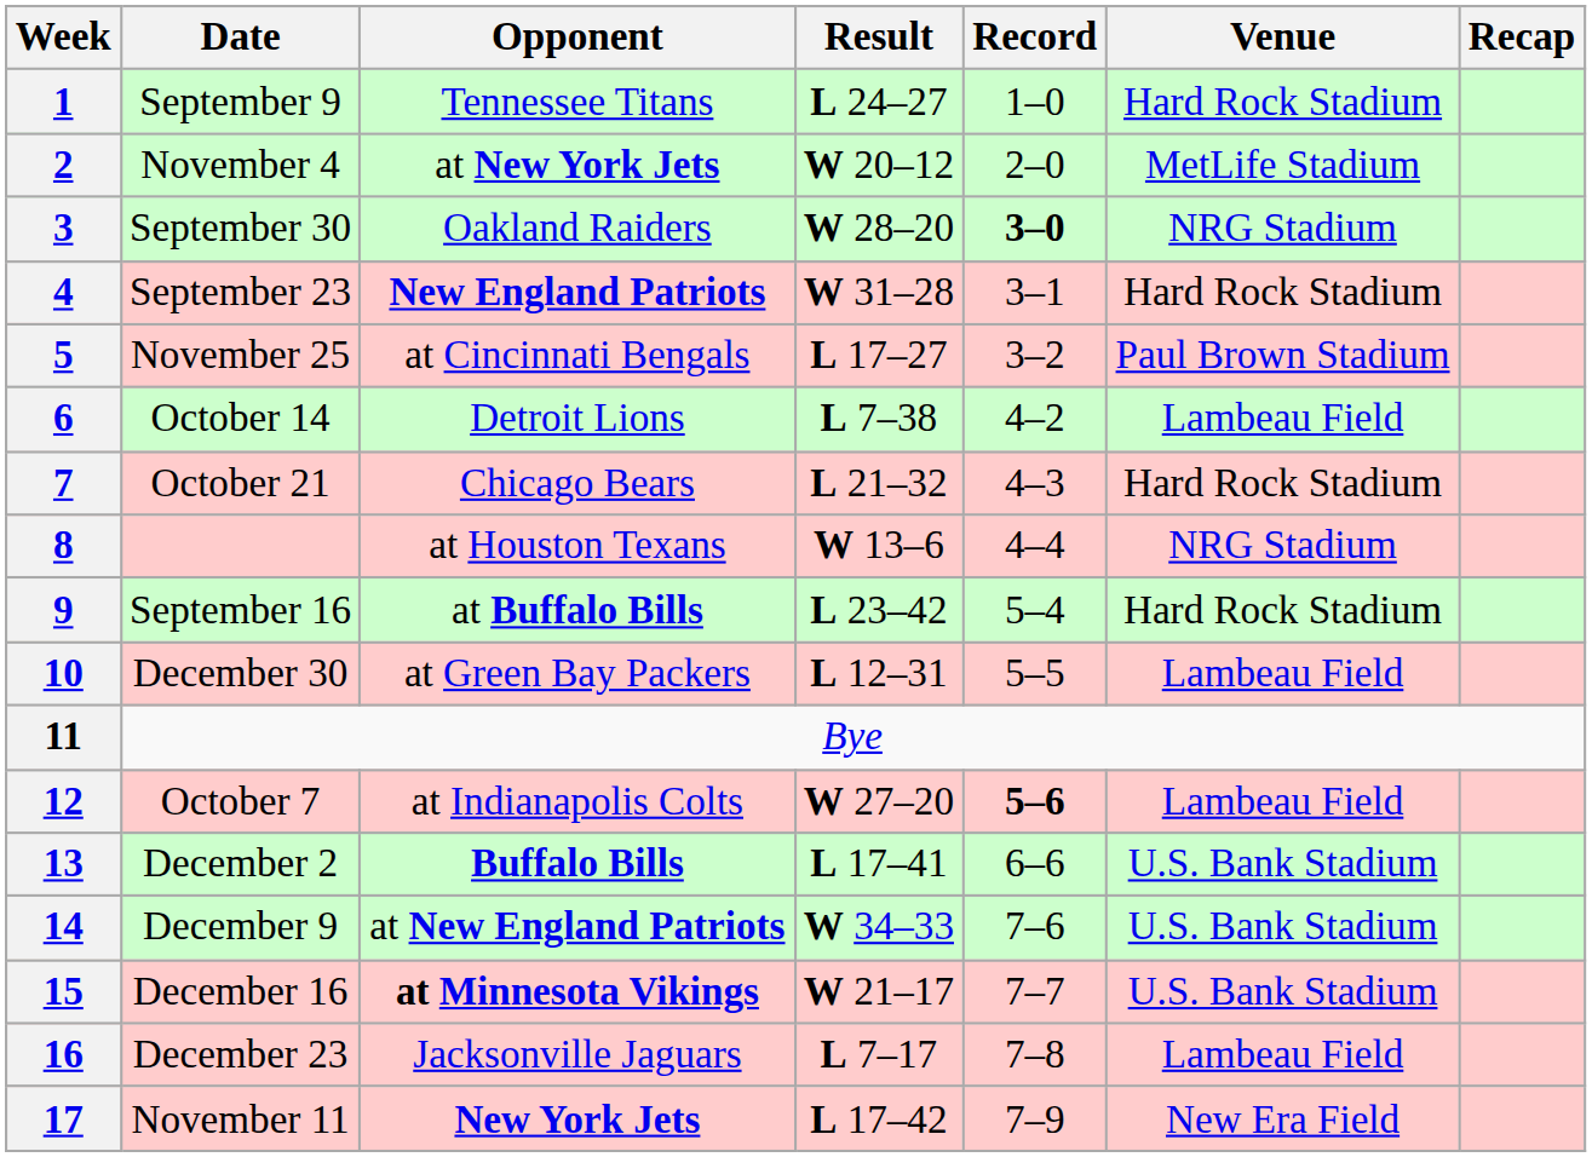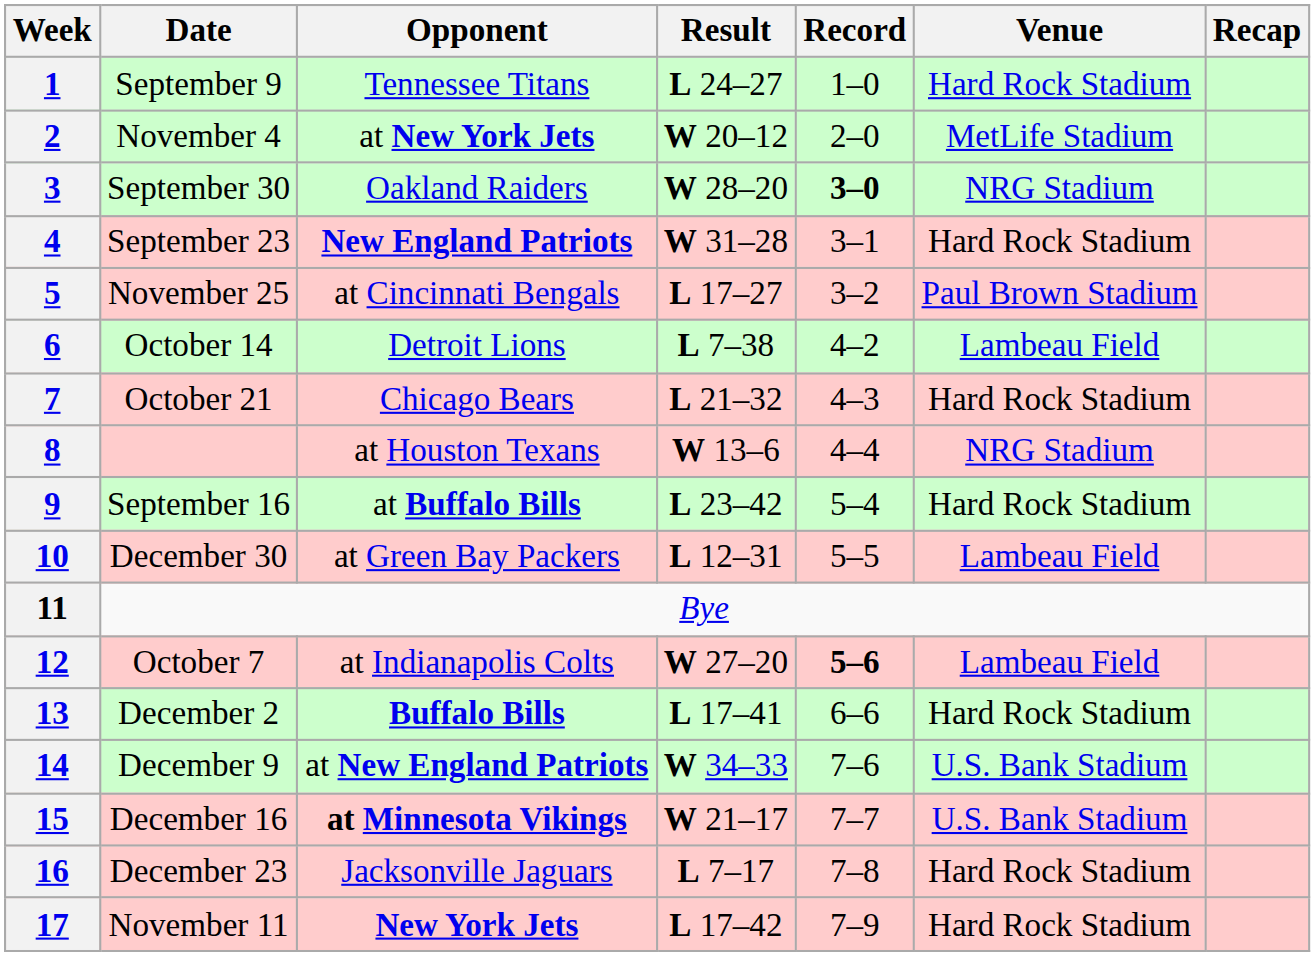 <table class="wikitable" style="text-align:center">
 <tr>
 <th>Week</th>
 <th>Date</th>
 <th>Opponent</th>
 <th>Result</th>
 <th>Record</th>
 <th>Venue</th>
 <th>Recap</th>
 </tr>
 <tr style="background:#cfc">
 <th><a href='#'>1</a></th>
 <td>September 9</td>
 <td><a href='#'>Tennessee Titans</a></td>
 <td><strong>L</strong> 24–27</td>
 <td>1–0</td>
 <td><a href='#'>Hard Rock Stadium</a></td>
 <td></td>
 </tr>
 <tr style="background:#cfc">
 <th><a href='#'>2</a></th>
 <td>November 4</td>
 <td>at <strong><a href='#'>New York Jets</a></strong></td>
 <td><strong>W</strong> 20–12</td>
 <td>2–0</td>
 <td><a href='#'>MetLife Stadium</a></td>
 <td></td>
 </tr>
 <tr style="background:#cfc">
 <th><a href='#'>3</a></th>
 <td>September 30</td>
 <td><a href='#'>Oakland Raiders</a></td>
 <td><strong>W</strong> 28–20</td>
 <td><strong>3–0</strong></td>
 <td><a href='#'>NRG Stadium</a></td>
 <td></td>
 </tr>
 <tr style="background:#fcc">
 <th><a href='#'>4</a></th>
 <td>September 23</td>
 <td><strong><a href='#'>New England Patriots</a></strong></td>
 <td><strong>W</strong> 31–28 </td>
 <td>3–1</td>
 <td>Hard Rock Stadium</td>
 <td></td>
 </tr>
 <tr style="background:#fcc">
 <th><a href='#'>5</a></th>
 <td>November 25</td>
 <td>at <a href='#'>Cincinnati Bengals</a></td>
 <td><strong>L</strong> 17–27</td>
 <td>3–2</td>
 <td><a href='#'>Paul Brown Stadium</a></td>
 <td></td>
 </tr>
 <tr style="background:#cfc">
 <th><a href='#'>6</a></th>
 <td>October 14</td>
 <td><a href='#'>Detroit Lions</a></td>
 <td><strong>L</strong> 7–38</td>
 <td>4–2</td>
 <td><a href='#'>Lambeau Field</a></td>
 <td></td>
 </tr>
 <tr style="background:#fcc">
 <th><a href='#'>7</a></th>
 <td>October 21</td>
 <td><a href='#'>Chicago Bears</a></td>
 <td><strong>L</strong> 21–32</td>
 <td>4–3</td>
 <td>Hard Rock Stadium</td>
 <td></td>
 </tr>
 <tr style="background:#fcc">
 <th><a href='#'>8</a></th>
 <td></td>
 <td>at <a href='#'>Houston Texans</a></td>
 <td><strong>W</strong> 13–6</td>
 <td>4–4</td>
 <td><a href='#'>NRG Stadium</a></td>
 <td></td>
 </tr>
 <tr style="background:#cfc">
 <th><a href='#'>9</a></th>
 <td>September 16</td>
 <td>at <strong><a href='#'>Buffalo Bills</a></strong></td>
 <td><strong>L</strong> 23–42</td>
 <td>5–4</td>
 <td>Hard Rock Stadium</td>
 <td></td>
 </tr>
 <tr style="background:#fcc">
 <th><a href='#'>10</a></th>
 <td>December 30</td>
 <td>at <a href='#'>Green Bay Packers</a></td>
 <td><strong>L</strong> 12–31</td>
 <td>5–5</td>
 <td><a href='#'>Lambeau Field</a></td>
 <td></td>
 </tr>
 <tr>
 <th>11</th>
 <td colspan="6"><em><a href='#'>Bye</a></em></td>
 </tr>
 <tr style="background:#fcc">
 <th><a href='#'>12</a></th>
 <td>October 7</td>
 <td>at <a href='#'>Indianapolis Colts</a></td>
 <td><strong>W</strong> 27–20</td>
 <td><strong>5–6</strong></td>
 <td><a href='#'>Lambeau Field</a></td>
 <td></td>
 </tr>
 <tr style="background:#cfc">
 <th><a href='#'>13</a></th>
 <td>December 2</td>
 <td><strong><a href='#'>Buffalo Bills</a></strong></td>
 <td><strong>L</strong> 17–41</td>
 <td>6–6</td>
-<td><a href='#'>U.S. Bank Stadium</a></td>
+<td>Hard Rock Stadium</td>
 <td></td>
 </tr>
 <tr style="background:#cfc">
 <th><a href='#'>14</a></th>
 <td>December 9</td>
 <td>at <strong><a href='#'>New England Patriots</a></strong></td>
 <td><strong>W</strong> <a href='#'>34–33</a></td>
 <td>7–6</td>
 <td><a href='#'>U.S. Bank Stadium</a></td>
 <td></td>
 </tr>
 <tr style="background:#fcc">
 <th><a href='#'>15</a></th>
 <td>December 16</td>
 <td><strong>at <a href='#'>Minnesota Vikings</a></strong></td>
 <td><strong>W</strong> 21–17</td>
 <td>7–7</td>
 <td><a href='#'>U.S. Bank Stadium</a></td>
 <td></td>
 </tr>
 <tr style="background:#fcc">
 <th><a href='#'>16</a></th>
 <td>December 23</td>
 <td><a href='#'>Jacksonville Jaguars</a></td>
 <td><strong>L</strong> 7–17</td>
 <td>7–8</td>
-<td><a href='#'>Lambeau Field</a></td>
+<td>Hard Rock Stadium</td>
 <td></td>
 </tr>
 <tr style="background:#fcc">
 <th><a href='#'>17</a></th>
 <td>November 11</td>
 <td><strong><a href='#'>New York Jets</a></strong></td>
 <td><strong>L</strong> 17–42</td>
 <td>7–9</td>
-<td><a href='#'>New Era Field</a></td>
+<td>Hard Rock Stadium</td>
 <td></td>
 </tr>
 </table>
